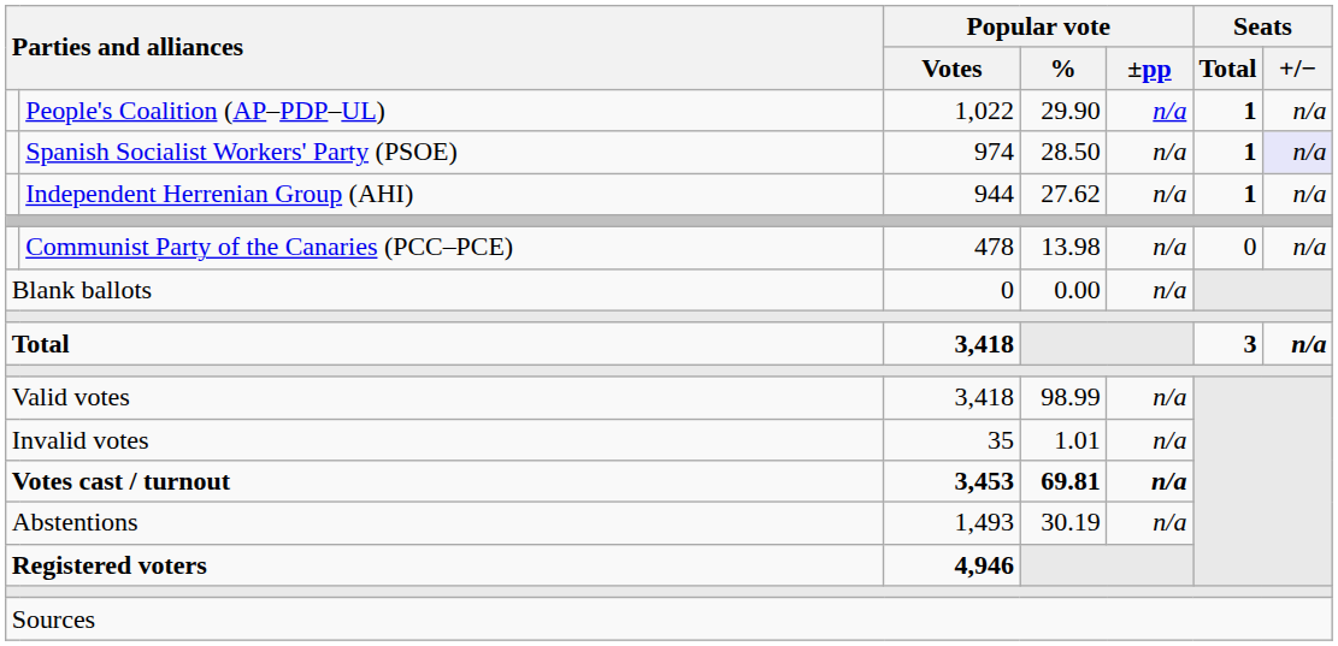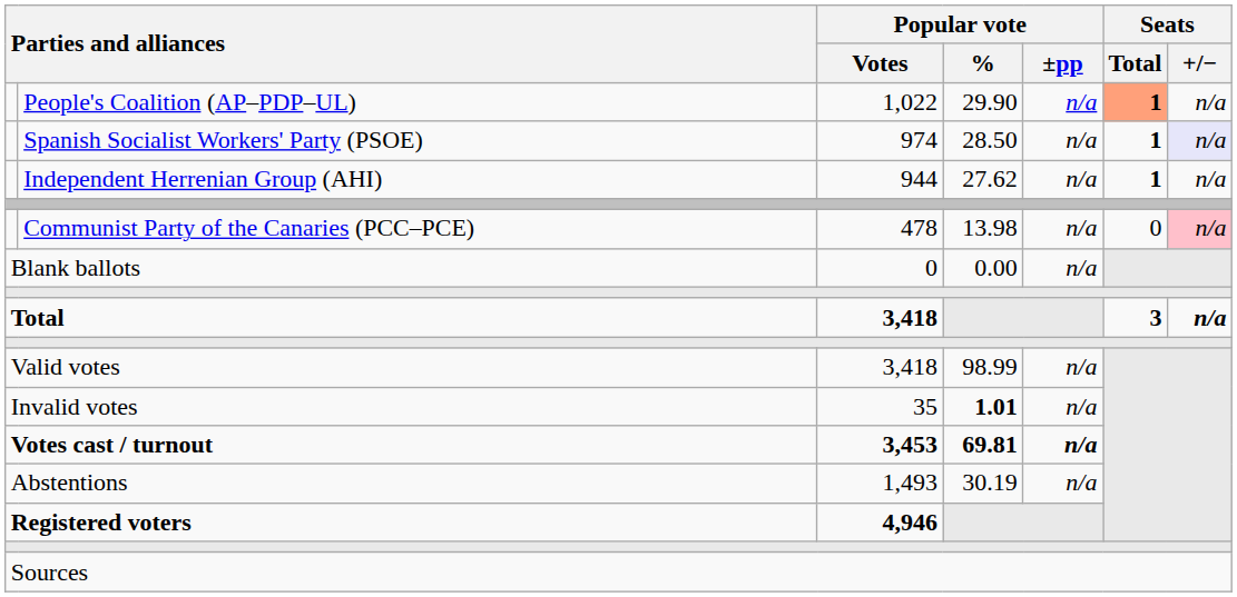 <table class="wikitable" style="text-align:right;">
 <tr>
 <th style="text-align:left;" rowspan="2" colspan="2" width="525">Parties and alliances</th>
 <th colspan="3">Popular vote</th>
 <th colspan="2">Seats</th>
 </tr>
 <tr>
 <th width="75">Votes</th>
 <th width="45">%</th>
 <th width="45">±<a href='#'>pp</a></th>
 <th width="35">Total</th>
 <th width="35">+/−</th>
 </tr>
 <tr>
 <td width="1" style="color:inherit;background:"></td>
 <td align="left"><a href='#'>People's Coalition</a> (<a href='#'>AP</a>–<a href='#'>PDP</a>–<a href='#'>UL</a>)</td>
 <td>1,022</td>
 <td>29.90</td>
 <td><em><a href='#'>n/a</a></em></td>
-<td><strong>1</strong></td>
+<td style="background: lightsalmon;"><strong>1</strong></td>
 <td><em>n/a</em></td>
 </tr>
 <tr>
 <td style="color:inherit;background:"></td>
 <td align="left"><a href='#'>Spanish Socialist Workers' Party</a> (PSOE)</td>
 <td>974</td>
 <td>28.50</td>
 <td><em>n/a</em></td>
 <td><strong>1</strong></td>
 <td style="background: lavender;"><em>n/a</em></td>
 </tr>
 <tr>
 <td style="color:inherit;background:"></td>
 <td align="left"><a href='#'>Independent Herrenian Group</a> (AHI)</td>
 <td>944</td>
 <td>27.62</td>
 <td><em>n/a</em></td>
 <td><strong>1</strong></td>
 <td><em>n/a</em></td>
 </tr>
 <tr>
 <td colspan="7" bgcolor="#C0C0C0"></td>
 </tr>
 <tr>
 <td style="color:inherit;background:"></td>
 <td align="left"><a href='#'>Communist Party of the Canaries</a> (PCC–PCE)</td>
 <td>478</td>
 <td>13.98</td>
 <td><em>n/a</em></td>
 <td>0</td>
-<td><em>n/a</em></td>
+<td style="background: pink;"><em>n/a</em></td>
 </tr>
 <tr>
 <td align="left" colspan="2">Blank ballots</td>
 <td>0</td>
 <td>0.00</td>
 <td><em>n/a</em></td>
 <td bgcolor="#E9E9E9" colspan="2"></td>
 </tr>
 <tr>
 <td colspan="7" bgcolor="#E9E9E9"></td>
 </tr>
 <tr style="font-weight:bold;">
 <td align="left" colspan="2">Total</td>
 <td>3,418</td>
 <td bgcolor="#E9E9E9" colspan="2"></td>
 <td>3</td>
 <td><em>n/a</em></td>
 </tr>
 <tr>
 <td colspan="7" bgcolor="#E9E9E9"></td>
 </tr>
 <tr>
 <td align="left" colspan="2">Valid votes</td>
 <td>3,418</td>
 <td>98.99</td>
 <td><em>n/a</em></td>
 <td bgcolor="#E9E9E9" colspan="2" rowspan="5"></td>
 </tr>
 <tr>
 <td align="left" colspan="2">Invalid votes</td>
 <td>35</td>
-<td>1.01</td>
+<td><strong>1.01</strong></td>
 <td><em>n/a</em></td>
 </tr>
 <tr style="font-weight:bold;">
 <td align="left" colspan="2">Votes cast / turnout</td>
 <td>3,453</td>
 <td>69.81</td>
 <td><em>n/a</em></td>
 </tr>
 <tr>
 <td align="left" colspan="2">Abstentions</td>
 <td>1,493</td>
 <td>30.19</td>
 <td><em>n/a</em></td>
 </tr>
 <tr style="font-weight:bold;">
 <td align="left" colspan="2">Registered voters</td>
 <td>4,946</td>
 <td bgcolor="#E9E9E9" colspan="2"></td>
 </tr>
 <tr>
 <td colspan="7" bgcolor="#E9E9E9"></td>
 </tr>
 <tr>
 <td align="left" colspan="7">Sources</td>
 </tr>
 </table>
